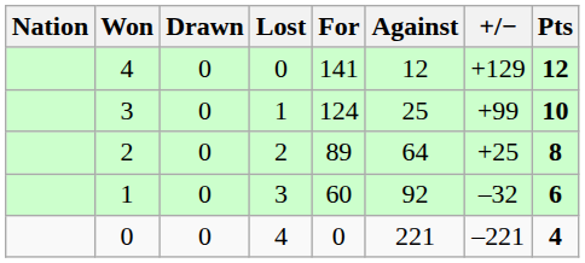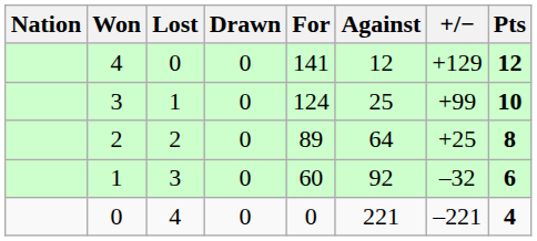 <table class="wikitable" style="text-align: center;">
 <tr>
 <th>Nation</th>
 <th>Won</th>
+<th>Lost</th>
 <th>Drawn</th>
-<th>Lost</th>
 <th>For</th>
 <th>Against</th>
 <th>+/−</th>
 <th>Pts</th>
 </tr>
 <tr bgcolor="ccffcc">
 <td align=left></td>
 <td>4</td>
 <td>0</td>
 <td>0</td>
 <td>141</td>
 <td>12</td>
 <td>+129</td>
 <td><strong>12</strong></td>
 </tr>
 <tr bgcolor="ccffcc">
 <td align=left></td>
 <td>3</td>
+<td>1</td>
 <td>0</td>
-<td>1</td>
 <td>124</td>
 <td>25</td>
 <td>+99</td>
 <td><strong>10</strong></td>
 </tr>
 <tr bgcolor="ccffcc">
 <td align=left></td>
 <td>2</td>
+<td>2</td>
 <td>0</td>
-<td>2</td>
 <td>89</td>
 <td>64</td>
 <td>+25</td>
 <td><strong>8</strong></td>
 </tr>
 <tr bgcolor="ccffcc">
 <td align=left></td>
 <td>1</td>
+<td>3</td>
 <td>0</td>
-<td>3</td>
 <td>60</td>
 <td>92</td>
 <td>–32</td>
 <td><strong>6</strong></td>
 </tr>
 <tr>
 <td align=left></td>
 <td>0</td>
+<td>4</td>
 <td>0</td>
-<td>4</td>
 <td>0</td>
 <td>221</td>
 <td>–221</td>
 <td><strong>4</strong></td>
 </tr>
 </table>
